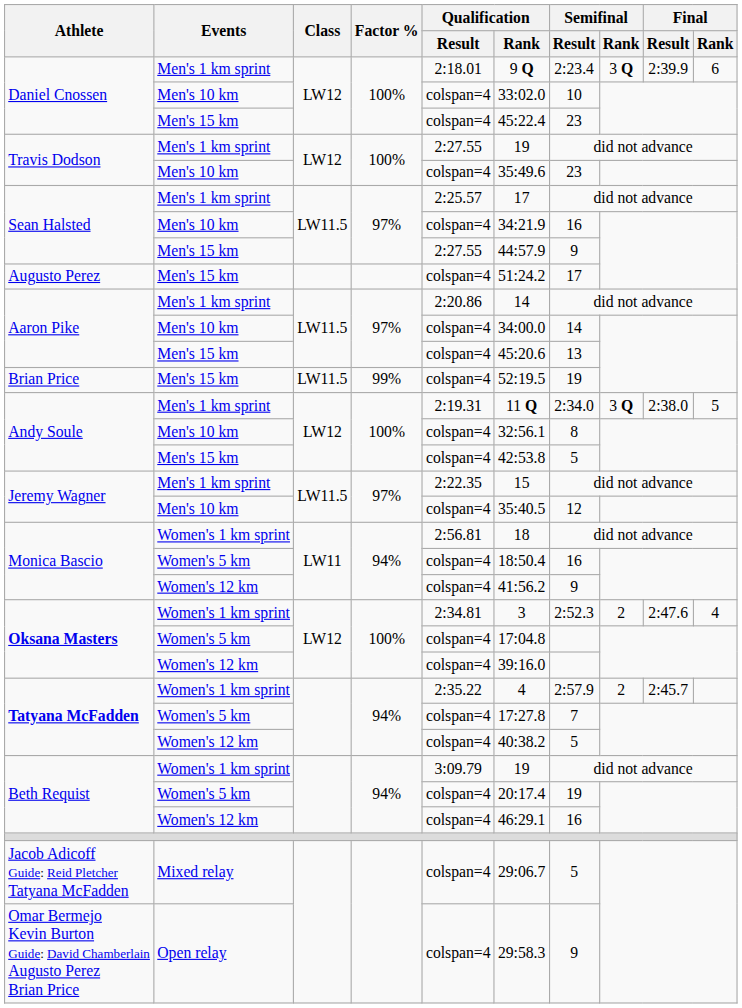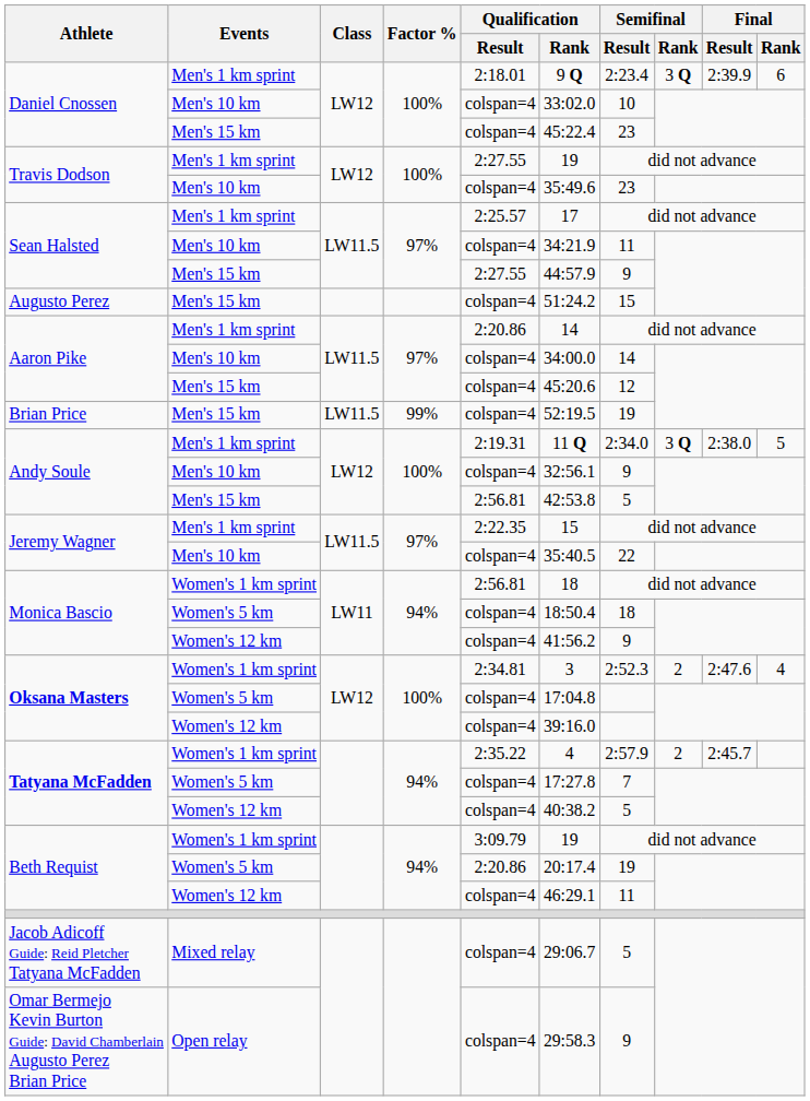 <table class="wikitable" style="font-size:90%">
 <tr>
 <th rowspan=2>Athlete</th>
 <th rowspan=2>Events</th>
 <th rowspan=2>Class</th>
 <th rowspan=2>Factor %</th>
 <th colspan=2>Qualification</th>
 <th colspan=2>Semifinal</th>
 <th colspan=2>Final</th>
 </tr>
 <tr>
 <th>Result</th>
 <th>Rank</th>
 <th>Result</th>
 <th>Rank</th>
 <th>Result</th>
 <th>Rank</th>
 </tr>
 <tr>
 <td rowspan=3><a href='#'>Daniel Cnossen</a></td>
 <td><a href='#'>Men's 1 km sprint</a></td>
 <td align=center rowspan=3>LW12</td>
 <td align=center rowspan=3>100%</td>
 <td align=center>2:18.01</td>
 <td align=center>9 <strong>Q</strong></td>
 <td align=center>2:23.4</td>
 <td align=center>3 <strong>Q</strong></td>
 <td align=center>2:39.9</td>
 <td align=center>6</td>
 </tr>
 <tr>
 <td><a href='#'>Men's 10 km</a></td>
 <td>colspan=4 </td>
 <td align=center>33:02.0</td>
 <td align=center>10</td>
 </tr>
 <tr>
 <td><a href='#'>Men's 15 km</a></td>
 <td>colspan=4 </td>
 <td align=center>45:22.4</td>
 <td align=center>23</td>
 </tr>
 <tr>
 <td rowspan=2><a href='#'>Travis Dodson</a></td>
 <td><a href='#'>Men's 1 km sprint</a></td>
 <td align=center rowspan=2>LW12</td>
 <td align=center rowspan=2>100%</td>
 <td align=center>2:27.55</td>
 <td align=center>19</td>
 <td align=center colspan=4>did not advance</td>
 </tr>
 <tr>
 <td><a href='#'>Men's 10 km</a></td>
 <td>colspan=4 </td>
 <td align=center>35:49.6</td>
 <td align=center>23</td>
 </tr>
 <tr>
 <td rowspan=3><a href='#'>Sean Halsted</a></td>
 <td><a href='#'>Men's 1 km sprint</a></td>
 <td align=center rowspan=3>LW11.5</td>
 <td align=center rowspan=3>97%</td>
 <td align=center>2:25.57</td>
 <td align=center>17</td>
 <td align=center colspan=4>did not advance</td>
 </tr>
 <tr>
 <td><a href='#'>Men's 10 km</a></td>
 <td>colspan=4 </td>
 <td align=center>34:21.9</td>
-<td align=center>16</td>
+<td align=center>11</td>
 </tr>
 <tr>
 <td><a href='#'>Men's 15 km</a></td>
 <td align=center>2:27.55</td>
 <td align=center>44:57.9</td>
 <td align=center>9</td>
 </tr>
 <tr>
 <td><a href='#'>Augusto Perez</a></td>
 <td><a href='#'>Men's 15 km</a></td>
 <td align=center></td>
 <td align=center></td>
 <td>colspan=4 </td>
 <td align=center>51:24.2</td>
-<td align=center>17</td>
+<td align=center>15</td>
 </tr>
 <tr>
 <td rowspan=3><a href='#'>Aaron Pike</a></td>
 <td><a href='#'>Men's 1 km sprint</a></td>
 <td align=center rowspan=3>LW11.5</td>
 <td align=center rowspan=3>97%</td>
 <td align=center>2:20.86</td>
 <td align=center>14</td>
 <td align=center colspan=4>did not advance</td>
 </tr>
 <tr>
 <td><a href='#'>Men's 10 km</a></td>
 <td>colspan=4 </td>
 <td align=center>34:00.0</td>
 <td align=center>14</td>
 </tr>
 <tr>
 <td><a href='#'>Men's 15 km</a></td>
 <td>colspan=4 </td>
 <td align=center>45:20.6</td>
-<td align=center>13</td>
+<td align=center>12</td>
 </tr>
 <tr>
 <td><a href='#'>Brian Price</a></td>
 <td><a href='#'>Men's 15 km</a></td>
 <td align=center>LW11.5</td>
 <td align=center>99%</td>
 <td>colspan=4 </td>
 <td align=center>52:19.5</td>
 <td align=center>19</td>
 </tr>
 <tr>
 <td rowspan=3><a href='#'>Andy Soule</a></td>
 <td><a href='#'>Men's 1 km sprint</a></td>
 <td align=center rowspan=3>LW12</td>
 <td align=center rowspan=3>100%</td>
 <td align=center>2:19.31</td>
 <td align=center>11 <strong>Q</strong></td>
 <td align=center>2:34.0</td>
 <td align=center>3 <strong>Q</strong></td>
 <td align=center>2:38.0</td>
 <td align=center>5</td>
 </tr>
 <tr>
 <td><a href='#'>Men's 10 km</a></td>
 <td>colspan=4 </td>
 <td align=center>32:56.1</td>
-<td align=center>8</td>
+<td align=center>9</td>
 </tr>
 <tr>
 <td><a href='#'>Men's 15 km</a></td>
-<td>colspan=4 </td>
+<td align=center>2:56.81</td>
 <td align=center>42:53.8</td>
 <td align=center>5</td>
 </tr>
 <tr>
 <td rowspan=2><a href='#'>Jeremy Wagner</a></td>
 <td><a href='#'>Men's 1 km sprint</a></td>
 <td align=center rowspan=2>LW11.5</td>
 <td align=center rowspan=2>97%</td>
 <td align=center>2:22.35</td>
 <td align=center>15</td>
 <td align=center colspan=4>did not advance</td>
 </tr>
 <tr>
 <td><a href='#'>Men's 10 km</a></td>
 <td>colspan=4 </td>
 <td align=center>35:40.5</td>
-<td align=center>12</td>
+<td align=center>22</td>
 </tr>
 <tr>
 <td rowspan=3><a href='#'>Monica Bascio</a></td>
 <td><a href='#'>Women's 1 km sprint</a></td>
 <td align=center rowspan=3>LW11</td>
 <td align=center rowspan=3>94%</td>
 <td align=center>2:56.81</td>
 <td align=center>18</td>
 <td align=center colspan=4>did not advance</td>
 </tr>
 <tr>
 <td><a href='#'>Women's 5 km</a></td>
 <td>colspan=4 </td>
 <td align=center>18:50.4</td>
-<td align=center>16</td>
+<td align=center>18</td>
 </tr>
 <tr>
 <td><a href='#'>Women's 12 km</a></td>
 <td>colspan=4 </td>
 <td align=center>41:56.2</td>
 <td align=center>9</td>
 </tr>
 <tr>
 <td rowspan=3><strong><a href='#'>Oksana Masters</a></strong></td>
 <td><a href='#'>Women's 1 km sprint</a></td>
 <td align=center rowspan=3>LW12</td>
 <td align=center rowspan=3>100%</td>
 <td align=center>2:34.81</td>
 <td align=center>3</td>
 <td align=center>2:52.3</td>
 <td align=center>2</td>
 <td align=center>2:47.6</td>
 <td align=center>4</td>
 </tr>
 <tr>
 <td><a href='#'>Women's 5 km</a></td>
 <td>colspan=4 </td>
 <td align=center>17:04.8</td>
 <td align=center></td>
 </tr>
 <tr>
 <td><a href='#'>Women's 12 km</a></td>
 <td>colspan=4 </td>
 <td align=center>39:16.0</td>
 <td align=center></td>
 </tr>
 <tr>
 <td rowspan=3><strong><a href='#'>Tatyana McFadden</a></strong></td>
 <td><a href='#'>Women's 1 km sprint</a></td>
 <td align=center rowspan=3></td>
 <td align=center rowspan=3>94%</td>
 <td align=center>2:35.22</td>
 <td align=center>4</td>
 <td align=center>2:57.9</td>
 <td align=center>2</td>
 <td align=center>2:45.7</td>
 <td align=center></td>
 </tr>
 <tr>
 <td><a href='#'>Women's 5 km</a></td>
 <td>colspan=4 </td>
 <td align=center>17:27.8</td>
 <td align=center>7</td>
 </tr>
 <tr>
 <td><a href='#'>Women's 12 km</a></td>
 <td>colspan=4 </td>
 <td align=center>40:38.2</td>
 <td align=center>5</td>
 </tr>
 <tr>
 <td rowspan=3><a href='#'>Beth Requist</a></td>
 <td><a href='#'>Women's 1 km sprint</a></td>
 <td align=center rowspan=3></td>
 <td align=center rowspan=3>94%</td>
 <td align=center>3:09.79</td>
 <td align=center>19</td>
 <td align=center colspan=4>did not advance</td>
 </tr>
 <tr>
 <td><a href='#'>Women's 5 km</a></td>
-<td>colspan=4 </td>
+<td align=center>2:20.86</td>
 <td align=center>20:17.4</td>
 <td align=center>19</td>
 </tr>
 <tr>
 <td><a href='#'>Women's 12 km</a></td>
 <td>colspan=4 </td>
 <td align=center>46:29.1</td>
-<td align=center>16</td>
+<td align=center>11</td>
 </tr>
 <tr>
 <td colspan=10 bgcolor=#DCDCDC></td>
 </tr>
 <tr>
 <td><a href='#'>Jacob Adicoff</a><br><small><a href='#'>Guide</a>: <a href='#'>Reid Pletcher</a></small><br><a href='#'>Tatyana McFadden</a></td>
 <td><a href='#'>Mixed relay</a></td>
 <td align=center rowspan=3></td>
 <td align=center rowspan=3></td>
 <td>colspan=4 </td>
 <td align=center>29:06.7</td>
 <td align=center>5</td>
 </tr>
 <tr>
 <td><a href='#'>Omar Bermejo</a><br><a href='#'>Kevin Burton</a><br><small><a href='#'>Guide</a>: <a href='#'>David Chamberlain</a></small><br><a href='#'>Augusto Perez</a><br><a href='#'>Brian Price</a></td>
 <td><a href='#'>Open relay</a></td>
 <td>colspan=4 </td>
 <td align=center>29:58.3</td>
 <td align=center>9</td>
 </tr>
 </table>
